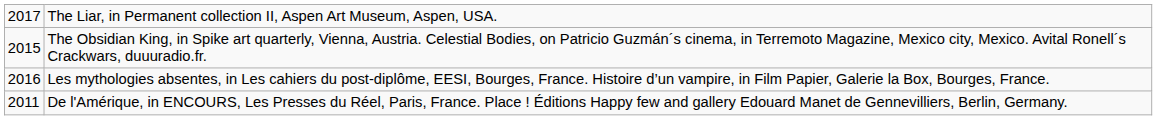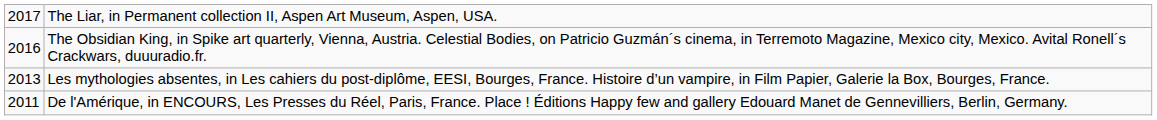 <table class="wikitable">
 <tr>
 <td>2017</td>
 <td>The Liar, in Permanent collection II, Aspen Art Museum, Aspen, USA.</td>
 </tr>
 <tr>
-<td>2015</td>
+<td>2016</td>
 <td>The Obsidian King, in Spike art quarterly, Vienna, Austria. Celestial Bodies, on Patricio Guzmán´s cinema, in Terremoto Magazine, Mexico city, Mexico. Avital Ronell´s Crackwars, duuuradio.fr.</td>
 </tr>
 <tr>
-<td>2016</td>
+<td>2013</td>
 <td>Les mythologies absentes, in Les cahiers du post-diplôme, EESI, Bourges, France. Histoire d’un vampire, in Film Papier, Galerie la Box, Bourges, France.</td>
 </tr>
 <tr>
 <td>2011</td>
 <td>De l'Amérique, in ENCOURS, Les Presses du Réel, Paris, France. Place ! Éditions Happy few and gallery Edouard Manet de Gennevilliers, Berlin, Germany.</td>
 </tr>
 </table>
